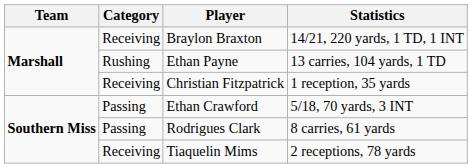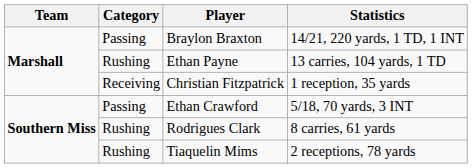 <table class="wikitable" style="float: right;">
 <tr>
 <th>Team</th>
 <th>Category</th>
 <th>Player</th>
 <th>Statistics</th>
 </tr>
 <tr>
 <td rowspan=3><strong>Marshall</strong></td>
-<td>Receiving</td>
+<td>Passing</td>
 <td>Braylon Braxton</td>
 <td>14/21, 220 yards, 1 TD, 1 INT</td>
 </tr>
 <tr>
 <td>Rushing</td>
 <td>Ethan Payne</td>
 <td>13 carries, 104 yards, 1 TD</td>
 </tr>
 <tr>
 <td>Receiving</td>
 <td>Christian Fitzpatrick</td>
 <td>1 reception, 35 yards</td>
 </tr>
 <tr>
 <td rowspan=3><strong>Southern Miss</strong></td>
 <td>Passing</td>
 <td>Ethan Crawford</td>
 <td>5/18, 70 yards, 3 INT</td>
 </tr>
 <tr>
-<td>Passing</td>
+<td>Rushing</td>
 <td>Rodrigues Clark</td>
 <td>8 carries, 61 yards</td>
 </tr>
 <tr>
-<td>Receiving</td>
+<td>Rushing</td>
 <td>Tiaquelin Mims</td>
 <td>2 receptions, 78 yards</td>
 </tr>
 </table>
